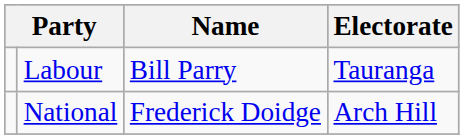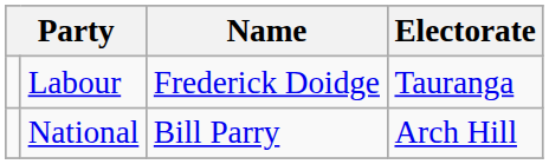 <table class="wikitable">
 <tr>
 <th colspan=2>Party</th>
 <th>Name</th>
 <th>Electorate</th>
 </tr>
 <tr>
 <td style="background-color: "></td>
 <td><a href='#'>Labour</a></td>
-<td><a href='#'>Bill Parry</a></td>
+<td><a href='#'>Frederick Doidge</a></td>
 <td><a href='#'>Tauranga</a></td>
 </tr>
 <tr>
 <td style="background-color: "></td>
 <td><a href='#'>National</a></td>
-<td><a href='#'>Frederick Doidge</a></td>
+<td><a href='#'>Bill Parry</a></td>
 <td><a href='#'>Arch Hill</a></td>
 </tr>
 </table>
